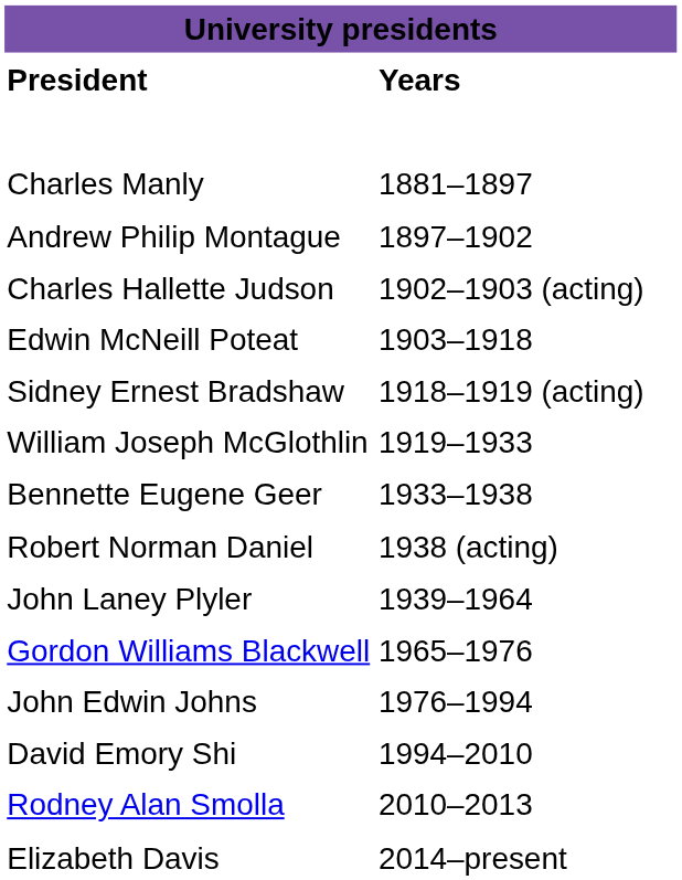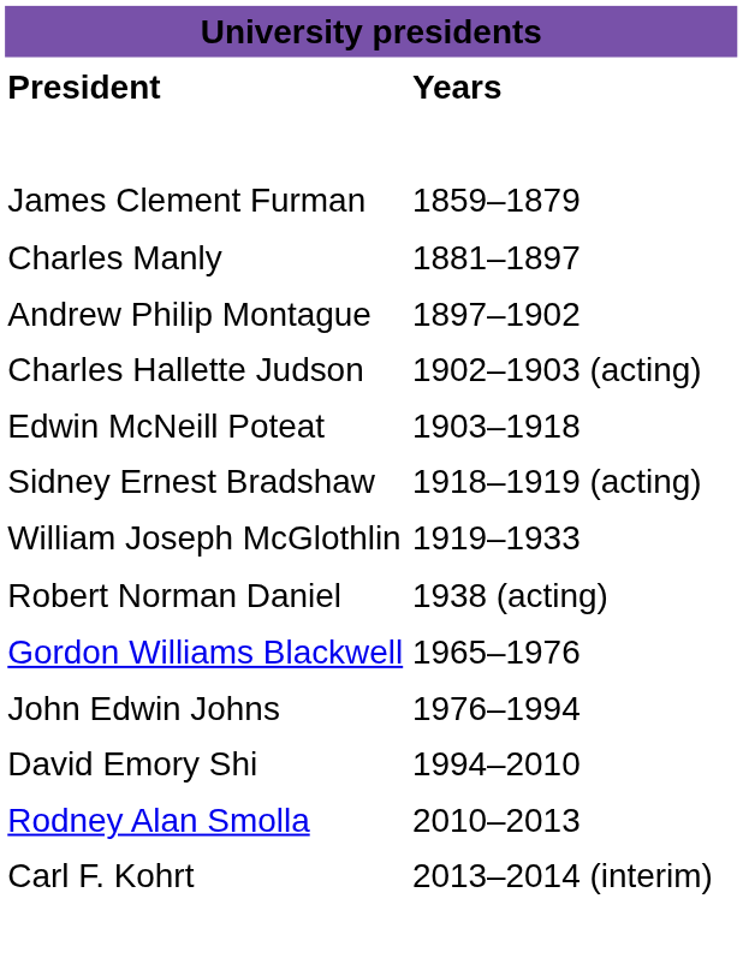 <table class="toccolours" style="float: right; margin-left: 1em; font-size: 90%; line-height: 1.4em; id:Presidents_of_Furman_University">
 <tr>
 <th colspan="2" style="text-align: center; background:#7851a9"><span><strong>University presidents</strong></span></th>
 </tr>
 <tr>
 <td width="55%"><strong>President</strong></td>
 <td width="45%"><strong>Years</strong></td>
 </tr>
 <tr>
 <td colspan="2"><br></td>
+</tr>
+<tr>
+<td>James Clement Furman</td>
+<td>1859–1879</td>
 </tr>
 <tr>
 <td>Charles Manly</td>
 <td>1881–1897</td>
 </tr>
 <tr>
 <td>Andrew Philip Montague</td>
 <td>1897–1902</td>
 </tr>
 <tr>
 <td>Charles Hallette Judson</td>
 <td>1902–1903 (acting)</td>
 </tr>
 <tr>
 <td>Edwin McNeill Poteat</td>
 <td>1903–1918</td>
 </tr>
 <tr>
 <td>Sidney Ernest Bradshaw</td>
 <td>1918–1919 (acting)</td>
 </tr>
 <tr>
 <td>William Joseph McGlothlin</td>
 <td>1919–1933</td>
 </tr>
 <tr>
-<td>Bennette Eugene Geer</td>
-<td>1933–1938</td>
-</tr>
-<tr>
 <td>Robert Norman Daniel</td>
 <td>1938 (acting)</td>
-</tr>
-<tr>
-<td>John Laney Plyler</td>
-<td>1939–1964</td>
 </tr>
 <tr>
 <td><a href='#'>Gordon Williams Blackwell</a></td>
 <td>1965–1976</td>
 </tr>
 <tr>
 <td>John Edwin Johns</td>
 <td>1976–1994</td>
 </tr>
 <tr>
 <td>David Emory Shi</td>
 <td>1994–2010</td>
 </tr>
 <tr>
 <td><a href='#'>Rodney Alan Smolla</a></td>
 <td>2010–2013</td>
 </tr>
 <tr>
-<td>Elizabeth Davis</td>
-<td>2014–present</td>
+<td>Carl F. Kohrt</td>
+<td>2013–2014 (interim)</td>
 </tr>
 </table>
